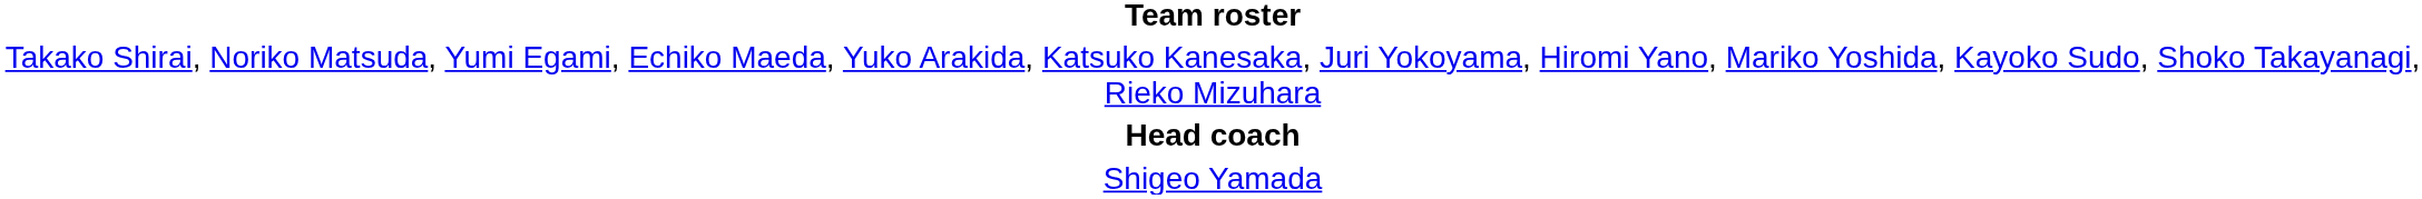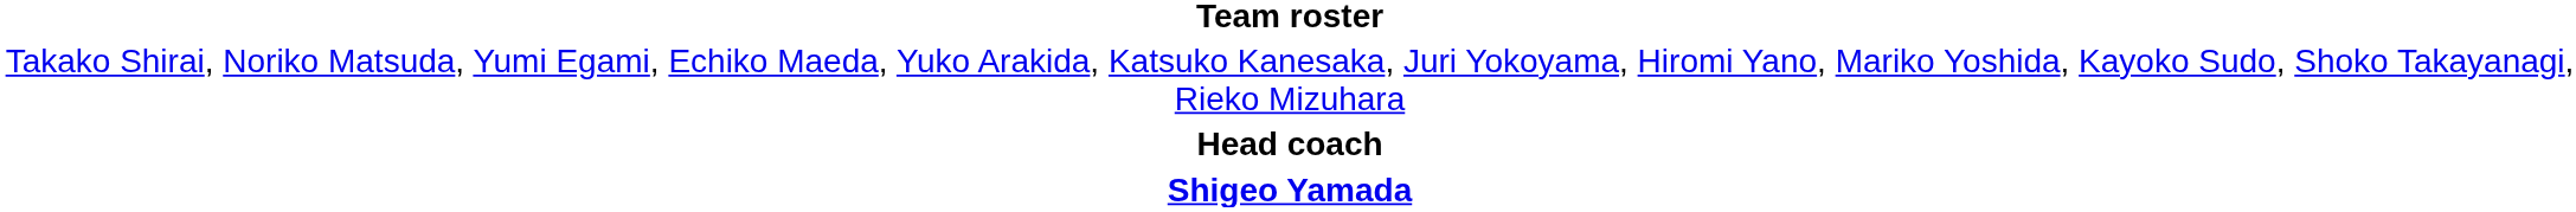 <table style="text-align:center; margin-top:2em; margin-left:auto; margin-right:auto">
 <tr>
 <td><strong>Team roster</strong></td>
 </tr>
 <tr>
 <td><a href='#'>Takako Shirai</a>, <a href='#'>Noriko Matsuda</a>, <a href='#'>Yumi Egami</a>, <a href='#'>Echiko Maeda</a>, <a href='#'>Yuko Arakida</a>, <a href='#'>Katsuko Kanesaka</a>, <a href='#'>Juri Yokoyama</a>, <a href='#'>Hiromi Yano</a>, <a href='#'>Mariko Yoshida</a>, <a href='#'>Kayoko Sudo</a>, <a href='#'>Shoko Takayanagi</a>, <a href='#'>Rieko Mizuhara</a></td>
 </tr>
 <tr>
 <td><strong>Head coach</strong></td>
 </tr>
 <tr>
-<td><a href='#'>Shigeo Yamada</a></td>
+<td><strong><a href='#'>Shigeo Yamada</a></strong></td>
 </tr>
 <tr>
 </tr>
 </table>
